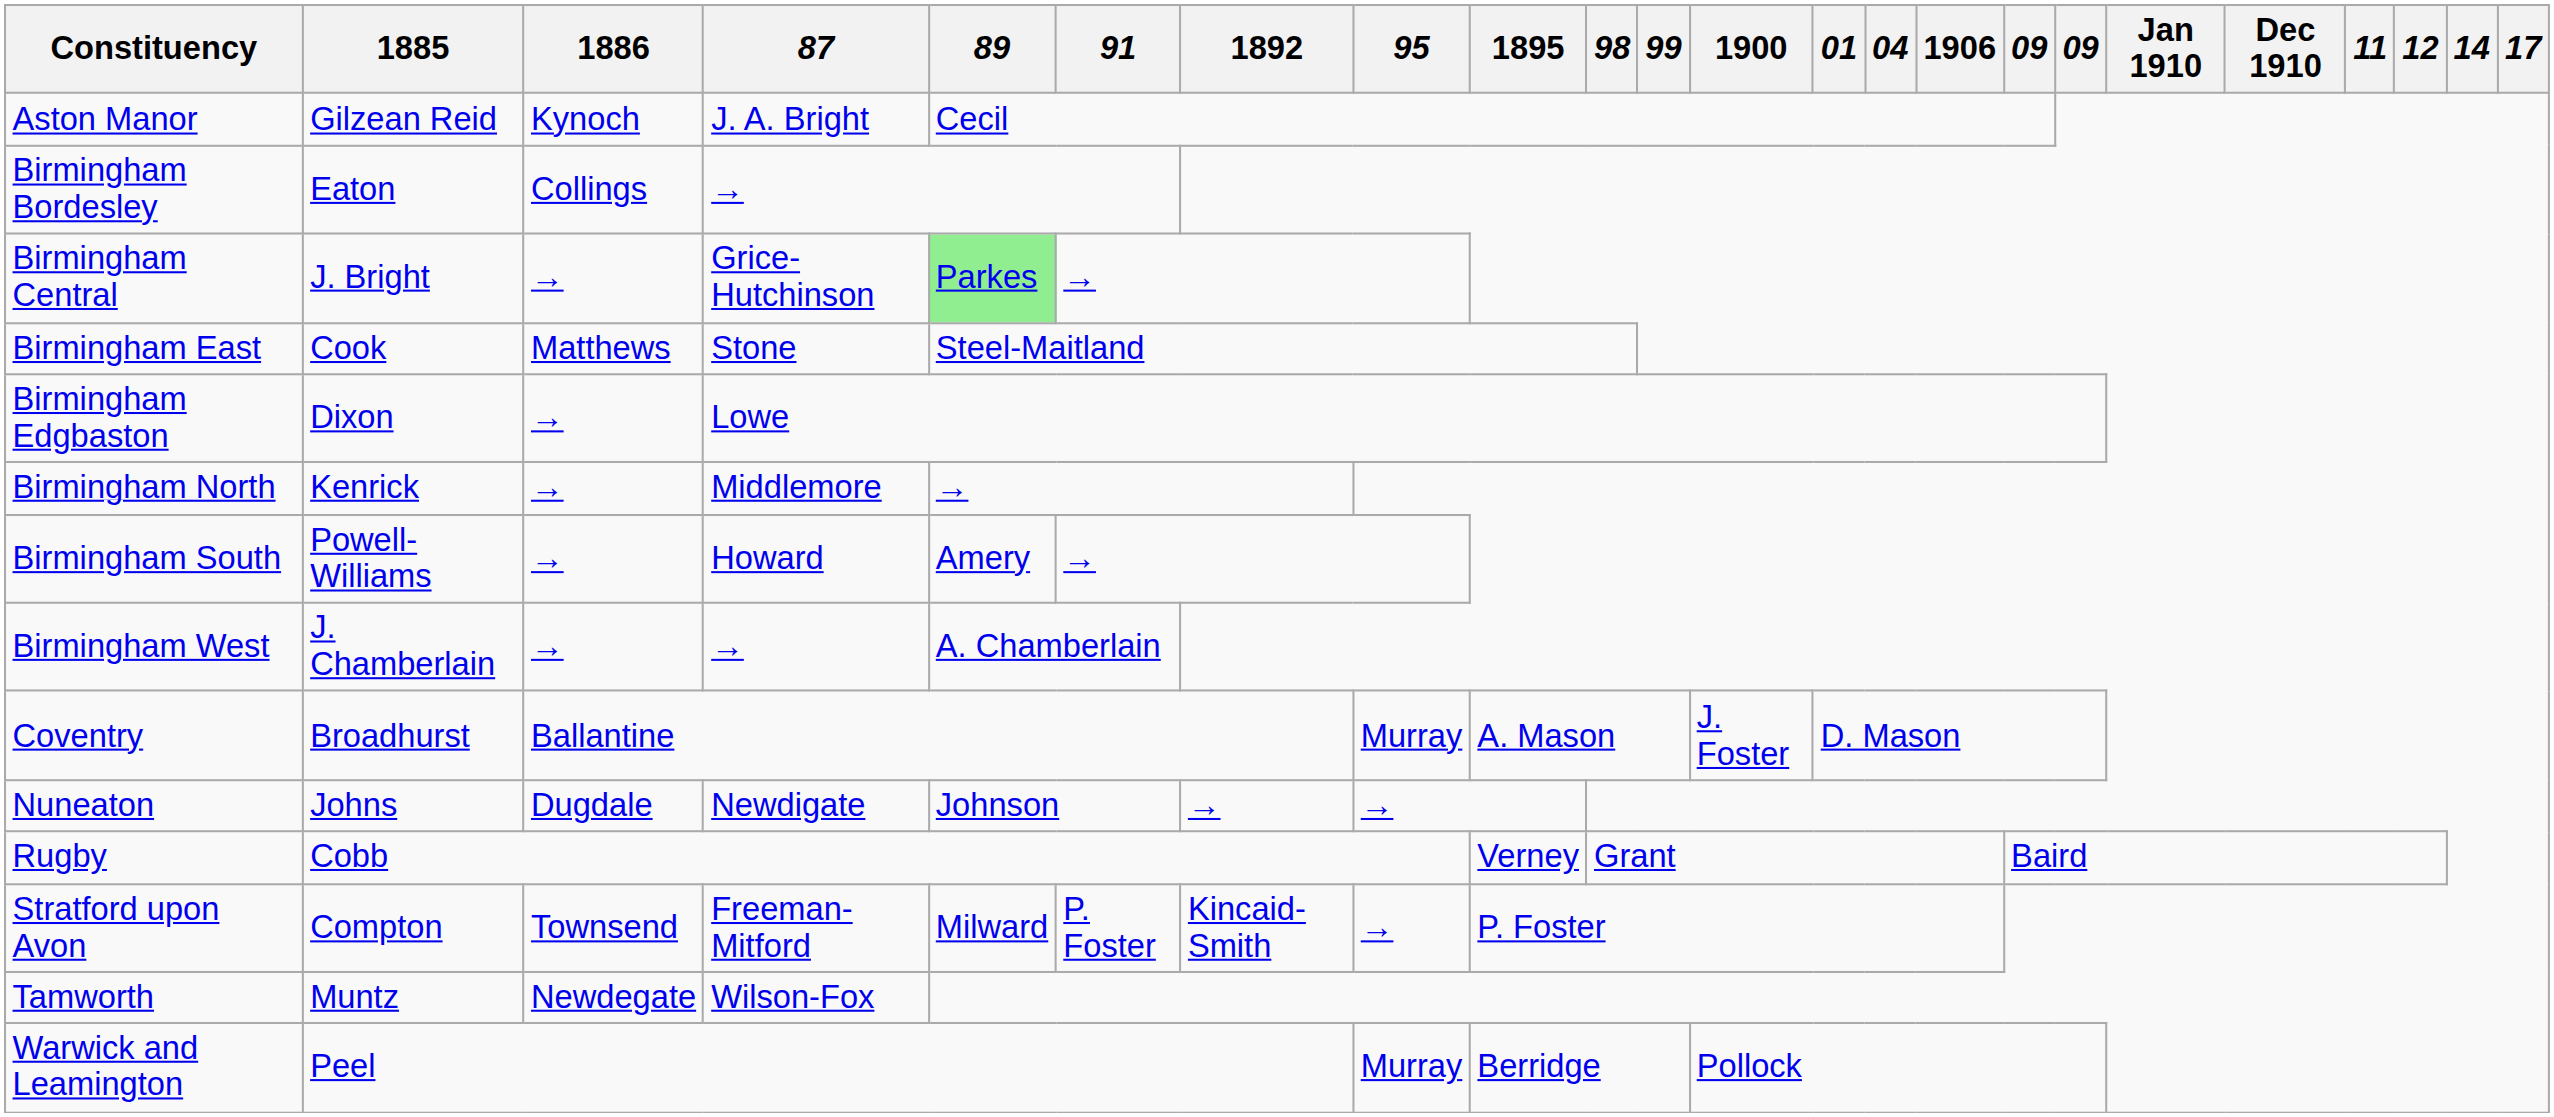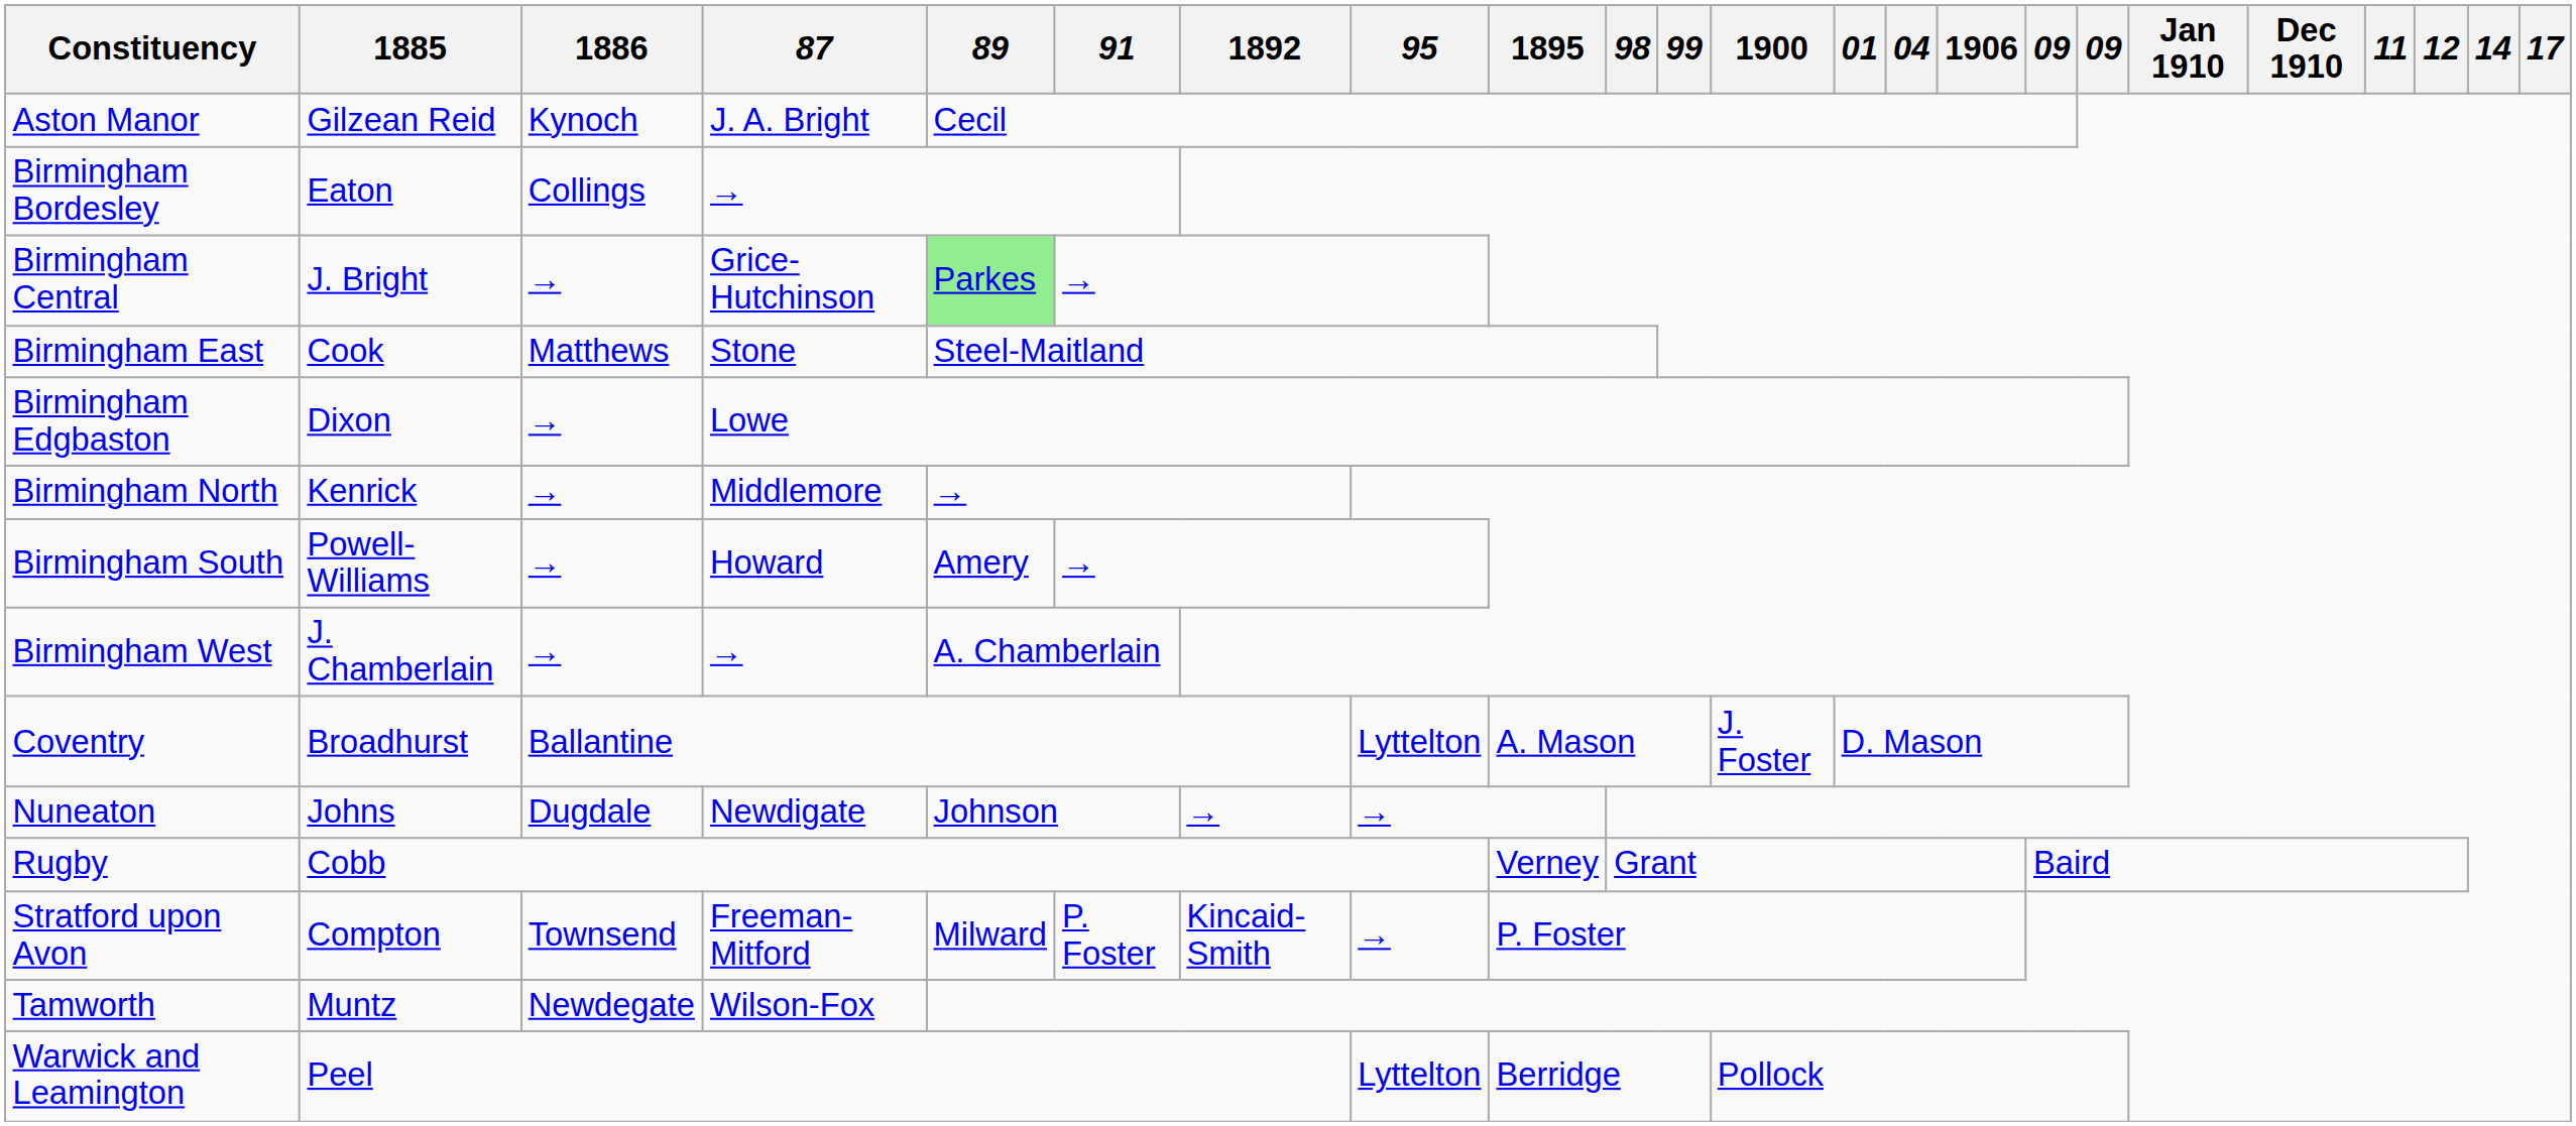 <table class="wikitable">
 <tr>
 <th>Constituency</th>
 <th>1885</th>
 <th>1886</th>
 <th><em>87</em></th>
 <th><em>89</em></th>
 <th><em>91</em></th>
 <th>1892</th>
 <th><em>95</em></th>
 <th>1895</th>
 <th><em>98</em></th>
 <th><em>99</em></th>
 <th>1900</th>
 <th><em>01</em></th>
 <th><em>04</em></th>
 <th>1906</th>
 <th><em>09</em></th>
 <th><em>09</em></th>
 <th>Jan 1910</th>
 <th>Dec 1910</th>
 <th><em>11</em></th>
 <th><em>12</em></th>
 <th><em>14</em></th>
 <th><em>17</em></th>
 </tr>
 <tr>
 <td><a href='#'>Aston Manor</a></td>
 <td bgcolor=><a href='#'>Gilzean Reid</a></td>
 <td><a href='#'>Kynoch</a></td>
 <td><a href='#'>J. A. Bright</a></td>
 <td colspan="12"><a href='#'>Cecil</a></td>
 </tr>
 <tr>
 <td><a href='#'>Birmingham Bordesley</a></td>
 <td><a href='#'>Eaton</a></td>
 <td><a href='#'>Collings</a></td>
 <td colspan="3"><a href='#'>→</a></td>
 </tr>
 <tr>
 <td><a href='#'>Birmingham Central</a></td>
 <td bgcolor=><a href='#'>J. Bright</a></td>
 <td><a href='#'>→</a></td>
 <td><a href='#'>Grice-Hutchinson</a></td>
 <td style="background: lightgreen;"><a href='#'>Parkes</a></td>
 <td colspan="3"><a href='#'>→</a></td>
 </tr>
 <tr>
 <td><a href='#'>Birmingham East</a></td>
 <td bgcolor=><a href='#'>Cook</a></td>
 <td><a href='#'>Matthews</a></td>
 <td><a href='#'>Stone</a></td>
 <td colspan="6"><a href='#'>Steel-Maitland</a></td>
 </tr>
 <tr>
 <td><a href='#'>Birmingham Edgbaston</a></td>
 <td bgcolor=><a href='#'>Dixon</a></td>
 <td><a href='#'>→</a></td>
 <td colspan="14"><a href='#'>Lowe</a></td>
 </tr>
 <tr>
 <td><a href='#'>Birmingham North</a></td>
 <td bgcolor=><a href='#'>Kenrick</a></td>
 <td><a href='#'>→</a></td>
 <td><a href='#'>Middlemore</a></td>
 <td colspan="3"><a href='#'>→</a></td>
 </tr>
 <tr>
 <td><a href='#'>Birmingham South</a></td>
 <td bgcolor=><a href='#'>Powell-Williams</a></td>
 <td><a href='#'>→</a></td>
 <td><a href='#'>Howard</a></td>
 <td><a href='#'>Amery</a></td>
 <td colspan="3"><a href='#'>→</a></td>
 </tr>
 <tr>
 <td><a href='#'>Birmingham West</a></td>
 <td bgcolor=><a href='#'>J. Chamberlain</a></td>
 <td><a href='#'>→</a></td>
 <td><a href='#'>→</a></td>
 <td colspan="2"><a href='#'>A. Chamberlain</a></td>
 </tr>
 <tr>
 <td><a href='#'>Coventry</a></td>
 <td bgcolor=><a href='#'>Broadhurst</a></td>
 <td colspan="5"><a href='#'>Ballantine</a></td>
-<td><a href='#'>Murray</a></td>
+<td><a href='#'>Lyttelton</a></td>
 <td colspan="3"><a href='#'>A. Mason</a></td>
 <td><a href='#'>J. Foster</a></td>
 <td colspan="5"><a href='#'>D. Mason</a></td>
 </tr>
 <tr>
 <td><a href='#'>Nuneaton</a></td>
 <td bgcolor=><a href='#'>Johns</a></td>
 <td><a href='#'>Dugdale</a></td>
 <td><a href='#'>Newdigate</a></td>
 <td colspan="2"><a href='#'>Johnson</a></td>
 <td><a href='#'>→</a></td>
 <td colspan="2"><a href='#'>→</a></td>
 </tr>
 <tr>
 <td><a href='#'>Rugby</a></td>
 <td colspan="7"><a href='#'>Cobb</a></td>
 <td><a href='#'>Verney</a></td>
 <td colspan="6"><a href='#'>Grant</a></td>
 <td colspan="6"><a href='#'>Baird</a></td>
 </tr>
 <tr>
 <td><a href='#'>Stratford upon Avon</a></td>
 <td><a href='#'>Compton</a></td>
 <td><a href='#'>Townsend</a></td>
 <td><a href='#'>Freeman-Mitford</a></td>
 <td><a href='#'>Milward</a></td>
 <td><a href='#'>P. Foster</a></td>
 <td><a href='#'>Kincaid-Smith</a></td>
 <td><a href='#'>→</a></td>
 <td colspan="7"><a href='#'>P. Foster</a></td>
 </tr>
 <tr>
 <td><a href='#'>Tamworth</a></td>
 <td><a href='#'>Muntz</a></td>
 <td><a href='#'>Newdegate</a></td>
 <td><a href='#'>Wilson-Fox</a></td>
 </tr>
 <tr>
 <td><a href='#'>Warwick and Leamington</a></td>
 <td colspan="6"><a href='#'>Peel</a></td>
-<td><a href='#'>Murray</a></td>
+<td><a href='#'>Lyttelton</a></td>
 <td colspan="3"><a href='#'>Berridge</a></td>
 <td colspan="6"><a href='#'>Pollock</a></td>
 </tr>
 </table>
